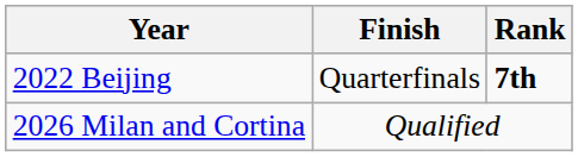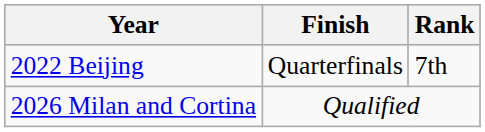 <table class="wikitable sortable">
 <tr>
 <th>Year</th>
 <th>Finish</th>
 <th>Rank</th>
 </tr>
 <tr>
 <td> <a href='#'>2022 Beijing</a></td>
 <td>Quarterfinals</td>
-<td><strong>7th</strong></td>
+<td>7th</td>
 </tr>
 <tr>
 <td> <a href='#'>2026 Milan and Cortina</a></td>
 <td colspan=2 align=center><em>Qualified</em></td>
 </tr>
 </table>
